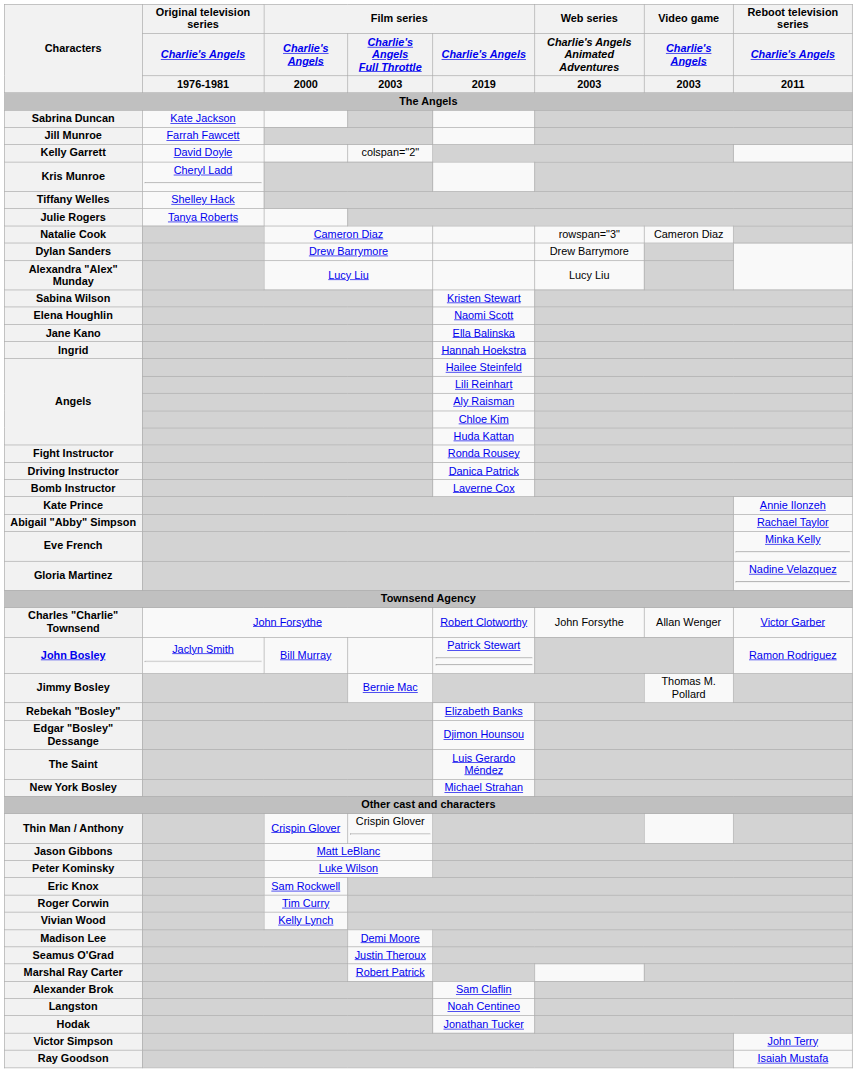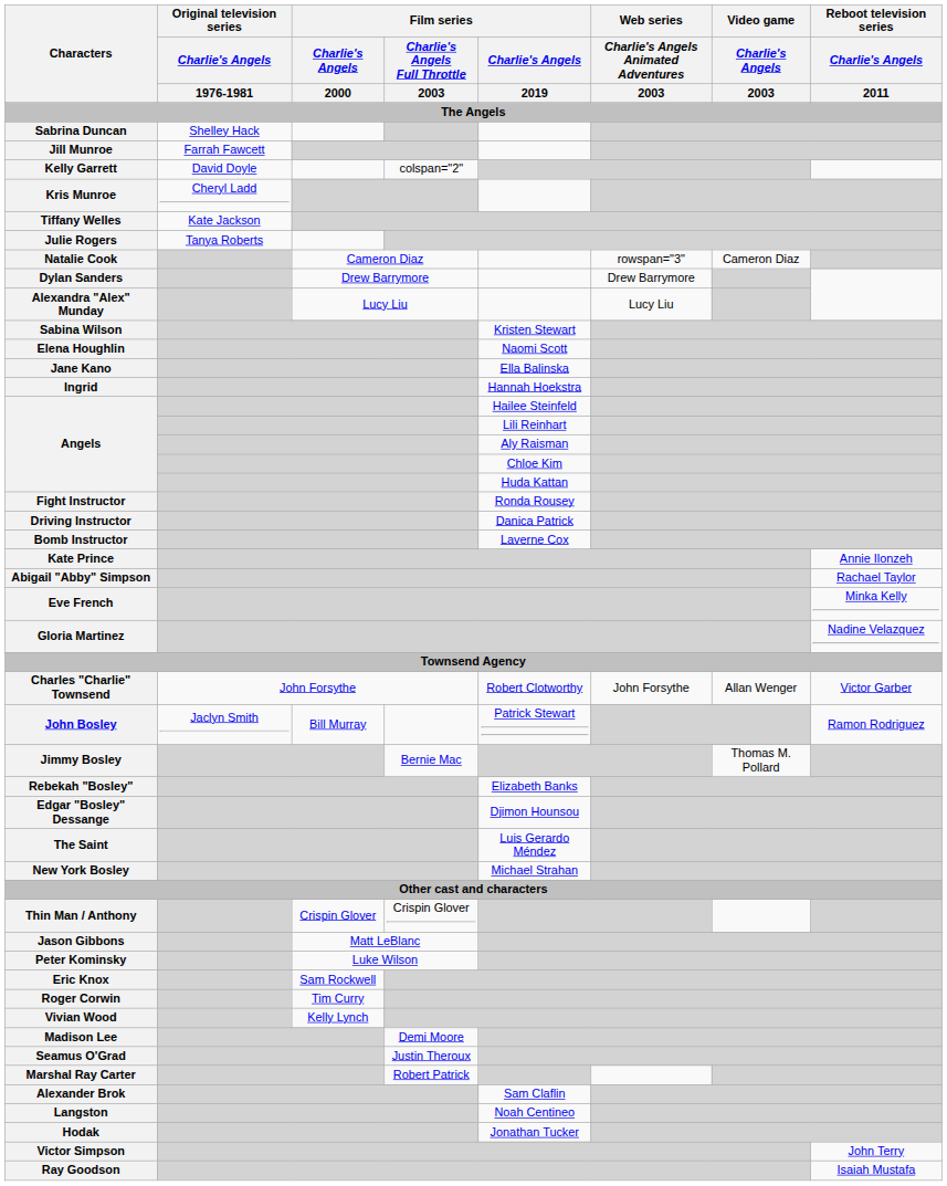 <table class="wikitable" style="text-align:center">
 <tr>
 <th rowspan="3">Characters</th>
 <th>Original television series</th>
 <th colspan="3">Film series</th>
 <th>Web series</th>
 <th>Video game</th>
 <th>Reboot television series</th>
 </tr>
 <tr>
 <th><em><a href='#'>Charlie's Angels</a></em></th>
 <th><em><a href='#'>Charlie's Angels</a></em></th>
 <th><em><a href='#'>Charlie's Angels<br>Full Throttle</a></em></th>
 <th><em><a href='#'>Charlie's Angels</a></em></th>
 <th><em>Charlie's Angels<br>Animated Adventures</em></th>
 <th><em><a href='#'>Charlie's Angels</a></em></th>
 <th><em><a href='#'>Charlie's Angels</a></em></th>
 </tr>
 <tr>
 <th>1976-1981</th>
 <th>2000</th>
 <th>2003</th>
 <th>2019</th>
 <th>2003</th>
 <th>2003</th>
 <th>2011</th>
 </tr>
 <tr>
 <th colspan="8" style="background-color:silver;"><span>The Angels</span></th>
 </tr>
 <tr>
 <th>Sabrina Duncan</th>
-<td><a href='#'>Kate Jackson</a></td>
+<td><a href='#'>Shelley Hack</a></td>
 <td></td>
 <td style="background:lightgrey;"></td>
 <td></td>
 <td colspan="3" style="background:lightgrey;"></td>
 </tr>
 <tr>
 <th>Jill Munroe</th>
 <td><a href='#'>Farrah Fawcett</a></td>
 <td colspan="2" style="background:lightgrey;"></td>
 <td></td>
 <td colspan="3" style="background:lightgrey;"></td>
 </tr>
 <tr>
 <th>Kelly Garrett</th>
 <td><a href='#'>David Doyle</a></td>
 <td></td>
 <td>colspan="2" </td>
 <td colspan="3" style="background:lightgrey;"></td>
 </tr>
 <tr>
 <th>Kris Munroe</th>
 <td><a href='#'>Cheryl Ladd</a><hr></td>
 <td colspan="2" style="background:lightgrey;"></td>
 <td></td>
 <td colspan="3" style="background:lightgrey;"></td>
 </tr>
 <tr>
 <th>Tiffany Welles</th>
-<td><a href='#'>Shelley Hack</a></td>
+<td><a href='#'>Kate Jackson</a></td>
 <td colspan="6" style="background:lightgrey;"></td>
 </tr>
 <tr>
 <th>Julie Rogers</th>
 <td><a href='#'>Tanya Roberts</a></td>
 <td></td>
 <td colspan="5" style="background:lightgrey;"></td>
 </tr>
 <tr>
 <th>Natalie Cook</th>
 <td style="background:lightgrey;"></td>
 <td colspan="2"><a href='#'>Cameron Diaz</a></td>
 <td></td>
 <td>rowspan="3" </td>
 <td>Cameron Diaz</td>
 <td style="background:lightgrey;"></td>
 </tr>
 <tr>
 <th>Dylan Sanders<br></th>
 <td style="background:lightgrey;"></td>
 <td colspan="2"><a href='#'>Drew Barrymore</a></td>
 <td></td>
 <td>Drew Barrymore</td>
 <td style="background:lightgrey;"></td>
 </tr>
 <tr>
 <th>Alexandra "Alex" Munday</th>
 <td style="background:lightgrey;"></td>
 <td colspan="2"><a href='#'>Lucy Liu</a></td>
 <td></td>
 <td>Lucy Liu</td>
 <td style="background:lightgrey;"></td>
 </tr>
 <tr>
 <th>Sabina Wilson</th>
 <td colspan="3" style="background:lightgrey;"></td>
 <td><a href='#'>Kristen Stewart</a></td>
 <td colspan="3" style="background:lightgrey;"></td>
 </tr>
 <tr>
 <th>Elena Houghlin</th>
 <td colspan="3" style="background:lightgrey;"></td>
 <td><a href='#'>Naomi Scott</a></td>
 <td colspan="3" style="background:lightgrey;"></td>
 </tr>
 <tr>
 <th>Jane Kano</th>
 <td colspan="3" style="background:lightgrey;"></td>
 <td><a href='#'>Ella Balinska</a></td>
 <td colspan="3" style="background:lightgrey;"></td>
 </tr>
 <tr>
 <th>Ingrid</th>
 <td colspan="3" style="background:lightgrey;"></td>
 <td><a href='#'>Hannah Hoekstra</a></td>
 <td colspan="3" style="background:lightgrey;"></td>
 </tr>
 <tr>
 <th rowspan="5">Angels</th>
 <td colspan="3" style="background:lightgrey;"></td>
 <td><a href='#'>Hailee Steinfeld</a></td>
 <td colspan="3" style="background:lightgrey;"></td>
 </tr>
 <tr>
 <td colspan="3" style="background:lightgrey;"></td>
 <td><a href='#'>Lili Reinhart</a></td>
 <td colspan="3" style="background:lightgrey;"></td>
 </tr>
 <tr>
 <td colspan="3" style="background:lightgrey;"></td>
 <td><a href='#'>Aly Raisman</a></td>
 <td colspan="3" style="background:lightgrey;"></td>
 </tr>
 <tr>
 <td colspan="3" style="background:lightgrey;"></td>
 <td><a href='#'>Chloe Kim</a></td>
 <td colspan="3" style="background:lightgrey;"></td>
 </tr>
 <tr>
 <td colspan="3" style="background:lightgrey;"></td>
 <td><a href='#'>Huda Kattan</a></td>
 <td colspan="3" style="background:lightgrey;"></td>
 </tr>
 <tr>
 <th>Fight Instructor</th>
 <td colspan="3" style="background:lightgrey;"></td>
 <td><a href='#'>Ronda Rousey</a></td>
 <td colspan="3" style="background:lightgrey;"></td>
 </tr>
 <tr>
 <th>Driving Instructor</th>
 <td colspan="3" style="background:lightgrey;"></td>
 <td><a href='#'>Danica Patrick</a></td>
 <td colspan="3" style="background:lightgrey;"></td>
 </tr>
 <tr>
 <th>Bomb Instructor</th>
 <td colspan="3" style="background:lightgrey;"></td>
 <td><a href='#'>Laverne Cox</a></td>
 <td colspan="3" style="background:lightgrey;"></td>
 </tr>
 <tr>
 <th>Kate Prince</th>
 <td colspan="6" style="background:lightgrey;"></td>
 <td><a href='#'>Annie Ilonzeh</a></td>
 </tr>
 <tr>
 <th>Abigail "Abby" Simpson</th>
 <td colspan="6" style="background:lightgrey;"></td>
 <td><a href='#'>Rachael Taylor</a></td>
 </tr>
 <tr>
 <th>Eve French</th>
 <td colspan="6" style="background:lightgrey;"></td>
 <td><a href='#'>Minka Kelly</a><hr></td>
 </tr>
 <tr>
 <th>Gloria Martinez</th>
 <td colspan="6" style="background:lightgrey;"></td>
 <td><a href='#'>Nadine Velazquez</a><hr></td>
 </tr>
 <tr>
 <th colspan="8" style="background-color:silver;"><span>Townsend Agency</span></th>
 </tr>
 <tr>
 <th>Charles "Charlie" Townsend</th>
 <td colspan="3"><a href='#'>John Forsythe</a></td>
 <td><a href='#'>Robert Clotworthy</a></td>
 <td>John Forsythe</td>
 <td>Allan Wenger</td>
 <td><a href='#'>Victor Garber</a></td>
 </tr>
 <tr>
 <th><a href='#'>John Bosley</a></th>
 <td><a href='#'>Jaclyn Smith</a><hr></td>
 <td><a href='#'>Bill Murray</a></td>
 <td></td>
 <td><a href='#'>Patrick Stewart</a><hr><hr></td>
 <td colspan="2" style="background:lightgrey;"></td>
 <td><a href='#'>Ramon Rodriguez</a></td>
 </tr>
 <tr>
 <th>Jimmy Bosley</th>
 <td colspan="2" style="background:lightgrey;"></td>
 <td><a href='#'>Bernie Mac</a></td>
 <td colspan="2" style="background:lightgrey;"></td>
 <td>Thomas M. Pollard</td>
 <td style="background:lightgrey;"></td>
 </tr>
 <tr>
 <th>Rebekah "Bosley"</th>
 <td colspan="3" style="background:lightgrey;"></td>
 <td><a href='#'>Elizabeth Banks</a></td>
 <td colspan="3" style="background:lightgrey;"></td>
 </tr>
 <tr>
 <th>Edgar "Bosley" Dessange</th>
 <td colspan="3" style="background:lightgrey;"></td>
 <td><a href='#'>Djimon Hounsou</a></td>
 <td colspan="3" style="background:lightgrey;"></td>
 </tr>
 <tr>
 <th>The Saint</th>
 <td colspan="3" style="background:lightgrey;"></td>
 <td><a href='#'>Luis Gerardo Méndez</a></td>
 <td colspan="3" style="background:lightgrey;"></td>
 </tr>
 <tr>
 <th>New York Bosley</th>
 <td colspan="3" style="background:lightgrey;"></td>
 <td><a href='#'>Michael Strahan</a></td>
 <td colspan="3" style="background:lightgrey;"></td>
 </tr>
 <tr>
 <th colspan="8" style="background-color:silver;">Other cast and characters</th>
 </tr>
 <tr>
 <th>Thin Man / Anthony</th>
 <td style="background:lightgrey;"></td>
 <td><a href='#'>Crispin Glover</a></td>
 <td>Crispin Glover<hr></td>
 <td colspan="2" style="background:lightgrey;"></td>
 <td></td>
 <td style="background:lightgrey;"></td>
 </tr>
 <tr>
 <th>Jason Gibbons</th>
 <td style="background:lightgrey;"></td>
 <td colspan="2"><a href='#'>Matt LeBlanc</a></td>
 <td colspan="4" style="background:lightgrey;"></td>
 </tr>
 <tr>
 <th>Peter Kominsky</th>
 <td style="background:lightgrey;"></td>
 <td colspan="2"><a href='#'>Luke Wilson</a></td>
 <td colspan="4" style="background:lightgrey;"></td>
 </tr>
 <tr>
 <th>Eric Knox<br></th>
 <td style="background:lightgrey;"></td>
 <td><a href='#'>Sam Rockwell</a></td>
 <td colspan="5" style="background:lightgrey;"></td>
 </tr>
 <tr>
 <th>Roger Corwin</th>
 <td style="background:lightgrey;"></td>
 <td><a href='#'>Tim Curry</a></td>
 <td colspan="5" style="background:lightgrey;"></td>
 </tr>
 <tr>
 <th>Vivian Wood</th>
 <td style="background:lightgrey;"></td>
 <td><a href='#'>Kelly Lynch</a></td>
 <td colspan="5" style="background:lightgrey;"></td>
 </tr>
 <tr>
 <th>Madison Lee</th>
 <td colspan="2" style="background:lightgrey;"></td>
 <td><a href='#'>Demi Moore</a></td>
 <td colspan="4" style="background:lightgrey;"></td>
 </tr>
 <tr>
 <th>Seamus O'Grad</th>
 <td colspan="2" style="background:lightgrey;"></td>
 <td><a href='#'>Justin Theroux</a></td>
 <td colspan="4" style="background:lightgrey;"></td>
 </tr>
 <tr>
 <th>Marshal Ray Carter</th>
 <td colspan="2" style="background:lightgrey;"></td>
 <td><a href='#'>Robert Patrick</a></td>
 <td style="background:lightgrey;"></td>
 <td></td>
 <td colspan="2" style="background:lightgrey;"></td>
 </tr>
 <tr>
 <th>Alexander Brok</th>
 <td colspan="3" style="background:lightgrey;"></td>
 <td><a href='#'>Sam Claflin</a></td>
 <td colspan="3" style="background:lightgrey;"></td>
 </tr>
 <tr>
 <th>Langston</th>
 <td colspan="3" style="background:lightgrey;"></td>
 <td><a href='#'>Noah Centineo</a></td>
 <td colspan="3" style="background:lightgrey;"></td>
 </tr>
 <tr>
 <th>Hodak</th>
 <td colspan="3" style="background:lightgrey;"></td>
 <td><a href='#'>Jonathan Tucker</a></td>
 <td colspan="3" style="background:lightgrey;"></td>
 </tr>
 <tr>
 <th>Victor Simpson</th>
 <td colspan="6" style="background:lightgrey;"></td>
 <td><a href='#'>John Terry</a></td>
 </tr>
 <tr>
 <th>Ray Goodson</th>
 <td colspan="6" style="background:lightgrey;"></td>
 <td><a href='#'>Isaiah Mustafa</a></td>
 </tr>
 </table>
